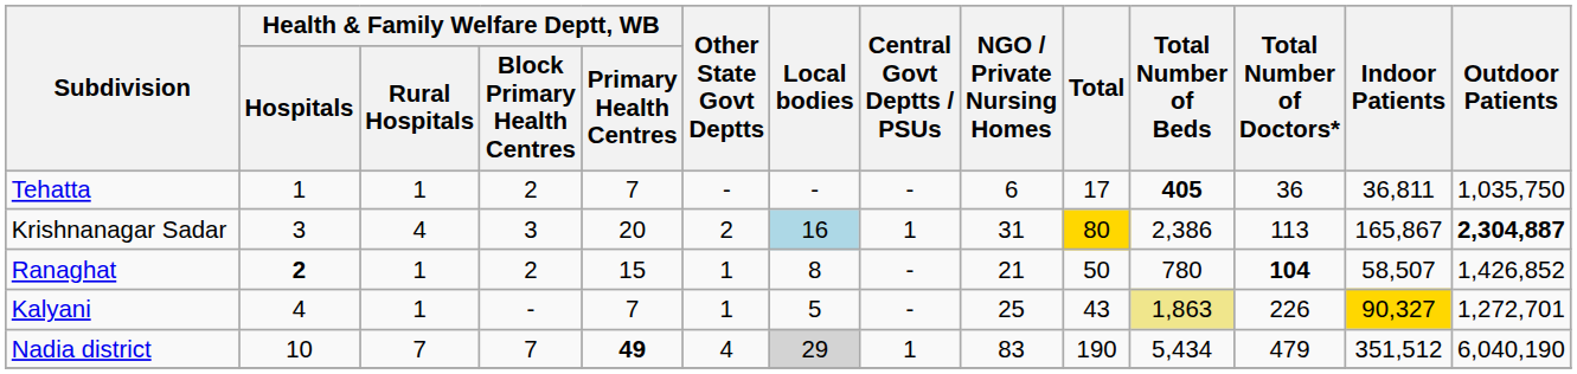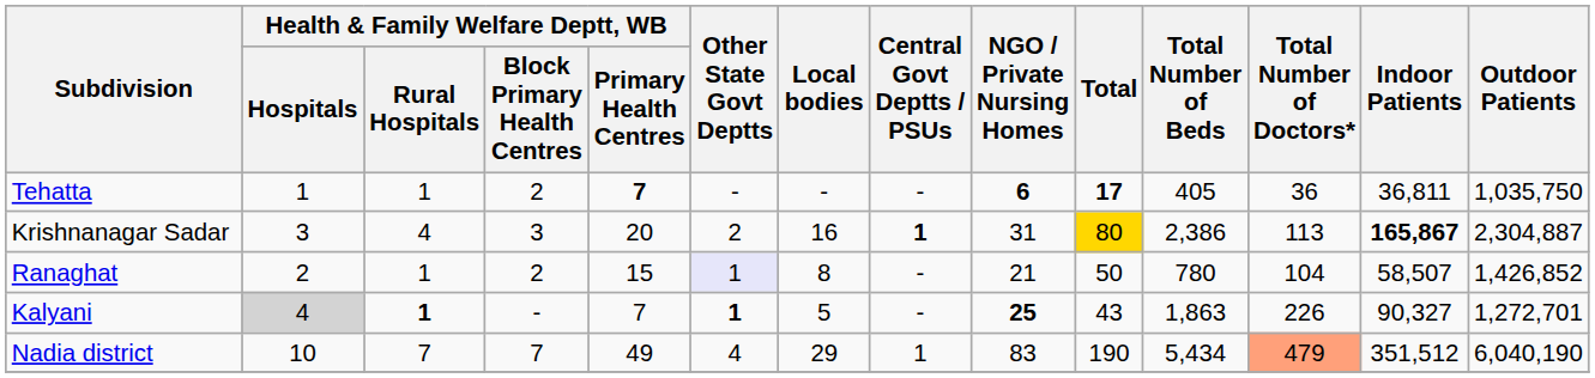 <table class="wikitable" style="text-align:center;font-size: 9pt">
 <tr>
 <th width="110" rowspan="2">Subdivision</th>
 <th width="160" colspan="4" rowspan="1">Health & Family Welfare Deptt, WB</th>
 <th widthspan="110" rowspan="2">Other<br>State<br>Govt<br>Deptts</th>
 <th widthspan="110" rowspan="2">Local<br>bodies</th>
 <th widthspan="110" rowspan="2">Central<br>Govt<br>Deptts /<br>PSUs</th>
 <th widthspan="110" rowspan="2">NGO /<br>Private<br>Nursing<br>Homes</th>
 <th widthspan="110" rowspan="2">Total</th>
 <th widthspan="110" rowspan="2">Total<br>Number<br>of<br>Beds</th>
 <th widthspan="110" rowspan="2">Total<br>Number<br>of<br>Doctors*</th>
 <th widthspan="130" rowspan="2">Indoor<br>Patients</th>
 <th widthspan="130" rowspan="2">Outdoor<br>Patients</th>
 </tr>
 <tr>
 <th width="40">Hospitals<br></th>
 <th width="40">Rural<br>Hospitals<br></th>
 <th width="40">Block<br>Primary<br>Health<br>Centres<br></th>
 <th width="40">Primary<br>Health<br>Centres<br></th>
 </tr>
 <tr>
 <td align=left><a href='#'>Tehatta</a></td>
 <td align="center">1</td>
 <td align="center">1</td>
 <td align="center">2</td>
-<td align="center">7</td>
+<td align="center"><strong>7</strong></td>
 <td align="center">-</td>
 <td align="center">-</td>
 <td align="center">-</td>
-<td align="center">6</td>
-<td align="center">17</td>
-<td align="center"><strong>405</strong></td>
+<td align="center"><strong>6</strong></td>
+<td align="center"><strong>17</strong></td>
+<td align="center">405</td>
 <td align="center">36</td>
 <td align="center">36,811</td>
 <td align="center">1,035,750</td>
 </tr>
 <tr>
 <td align=left>Krishnanagar Sadar</td>
 <td align="center">3</td>
 <td align="center">4</td>
 <td align="center">3</td>
 <td align="center">20</td>
 <td align="center">2</td>
-<td align="center" style="background: lightblue;">16</td>
-<td align="center">1</td>
+<td align="center">16</td>
+<td align="center"><strong>1</strong></td>
 <td align="center">31</td>
 <td align="center" style="background: gold;">80</td>
 <td align="center">2,386</td>
 <td align="center">113</td>
-<td align="center">165,867</td>
-<td align="center"><strong>2,304,887</strong></td>
+<td align="center"><strong>165,867</strong></td>
+<td align="center">2,304,887</td>
 </tr>
 <tr>
 <td align=left><a href='#'>Ranaghat</a></td>
-<td align="center"><strong>2</strong></td>
+<td align="center">2</td>
 <td align="center">1</td>
 <td align="center">2</td>
 <td align="center">15</td>
-<td align="center">1</td>
+<td align="center" style="background: lavender;">1</td>
 <td align="center">8</td>
 <td align="center">-</td>
 <td align="center">21</td>
 <td align="center">50</td>
 <td align="center">780</td>
-<td align="center"><strong>104</strong></td>
+<td align="center">104</td>
 <td align="center">58,507</td>
 <td align="center">1,426,852</td>
 </tr>
 <tr>
 <td align=left><a href='#'>Kalyani</a></td>
-<td align="center">4</td>
-<td align="center">1</td>
+<td align="center" style="background: lightgrey;">4</td>
+<td align="center"><strong>1</strong></td>
 <td align="center">-</td>
 <td align="center">7</td>
-<td align="center">1</td>
+<td align="center"><strong>1</strong></td>
 <td align="center">5</td>
 <td align="center">-</td>
-<td align="center">25</td>
+<td align="center"><strong>25</strong></td>
 <td align="center">43</td>
-<td align="center" style="background: khaki;">1,863</td>
+<td align="center">1,863</td>
 <td align="center">226</td>
-<td align="center" style="background: gold;">90,327</td>
+<td align="center">90,327</td>
 <td align="center">1,272,701</td>
 </tr>
 <tr>
 <td align=left><a href='#'>Nadia district</a></td>
 <td align="center">10</td>
 <td align="center">7</td>
 <td align="center">7</td>
-<td align="center"><strong>49</strong></td>
+<td align="center">49</td>
 <td align="center">4</td>
-<td align="center" style="background: lightgrey;">29</td>
+<td align="center">29</td>
 <td align="center">1</td>
 <td align="center">83</td>
 <td align="center">190</td>
 <td align="center">5,434</td>
-<td align="center">479</td>
+<td align="center" style="background: lightsalmon;">479</td>
 <td align="center">351,512</td>
 <td align="center">6,040,190</td>
 </tr>
 <tr>
 </tr>
 </table>
